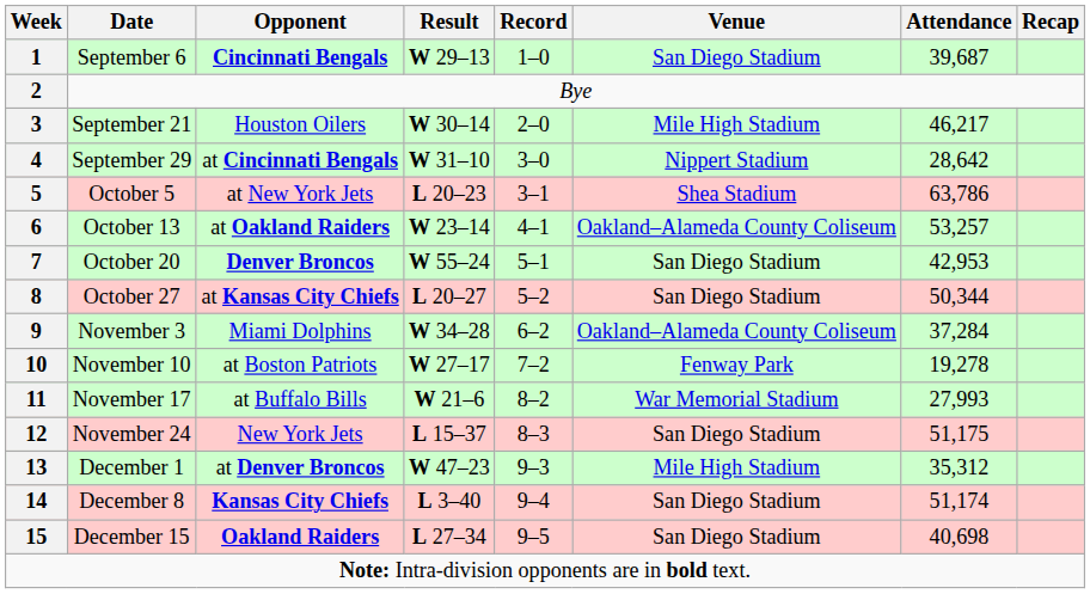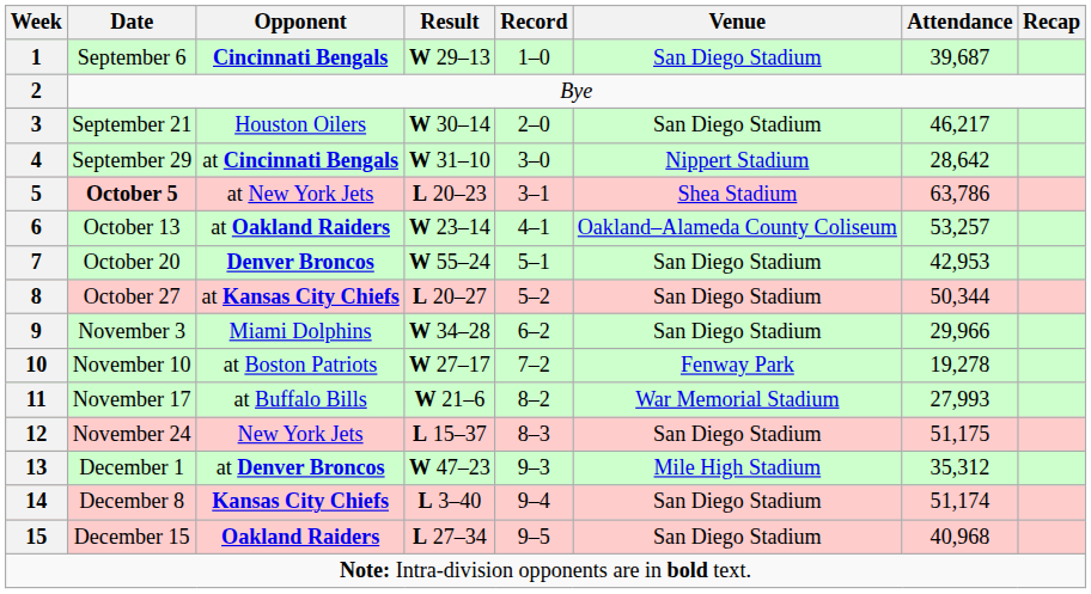 <table class="wikitable" style="text-align:center">
 <tr>
 <th>Week</th>
 <th>Date</th>
 <th>Opponent</th>
 <th>Result</th>
 <th>Record</th>
 <th>Venue</th>
 <th>Attendance</th>
 <th>Recap</th>
 </tr>
 <tr style="background: #cfc;">
 <th>1</th>
 <td>September 6</td>
 <td><strong><a href='#'>Cincinnati Bengals</a></strong></td>
 <td><strong>W</strong> 29–13</td>
 <td>1–0</td>
 <td><a href='#'>San Diego Stadium</a></td>
 <td>39,687</td>
 <td></td>
 </tr>
 <tr>
 <th>2</th>
 <td colspan="7" align="center"><em>Bye</em></td>
 </tr>
 <tr style="background: #cfc;">
 <th>3</th>
 <td>September 21</td>
 <td><a href='#'>Houston Oilers</a></td>
 <td><strong>W</strong> 30–14</td>
 <td>2–0</td>
-<td><a href='#'>Mile High Stadium</a></td>
+<td>San Diego Stadium</td>
 <td>46,217</td>
 <td></td>
 </tr>
 <tr style="background: #cfc;">
 <th>4</th>
 <td>September 29</td>
 <td>at <strong><a href='#'>Cincinnati Bengals</a></strong></td>
 <td><strong>W</strong> 31–10</td>
 <td>3–0</td>
 <td><a href='#'>Nippert Stadium</a></td>
 <td>28,642</td>
 <td></td>
 </tr>
 <tr style="background: #fcc;">
 <th>5</th>
-<td>October 5</td>
+<td><strong>October 5</strong></td>
 <td>at <a href='#'>New York Jets</a></td>
 <td><strong>L</strong> 20–23</td>
 <td>3–1</td>
 <td><a href='#'>Shea Stadium</a></td>
 <td>63,786</td>
 <td></td>
 </tr>
 <tr style="background: #cfc;">
 <th>6</th>
 <td>October 13</td>
 <td>at <strong><a href='#'>Oakland Raiders</a></strong></td>
 <td><strong>W</strong> 23–14</td>
 <td>4–1</td>
 <td><a href='#'>Oakland–Alameda County Coliseum</a></td>
 <td>53,257</td>
 <td></td>
 </tr>
 <tr style="background: #cfc;">
 <th>7</th>
 <td>October 20</td>
 <td><strong><a href='#'>Denver Broncos</a></strong></td>
 <td><strong>W</strong> 55–24</td>
 <td>5–1</td>
 <td>San Diego Stadium</td>
 <td>42,953</td>
 <td></td>
 </tr>
 <tr style="background: #fcc;">
 <th>8</th>
 <td>October 27</td>
 <td>at <strong><a href='#'>Kansas City Chiefs</a></strong></td>
 <td><strong>L</strong> 20–27</td>
 <td>5–2</td>
 <td>San Diego Stadium</td>
 <td>50,344</td>
 <td></td>
 </tr>
 <tr style="background: #cfc;">
 <th>9</th>
 <td>November 3</td>
 <td><a href='#'>Miami Dolphins</a></td>
 <td><strong>W</strong> 34–28</td>
 <td>6–2</td>
-<td><a href='#'>Oakland–Alameda County Coliseum</a></td>
-<td>37,284</td>
+<td>San Diego Stadium</td>
+<td>29,966</td>
 <td></td>
 </tr>
 <tr style="background: #cfc;">
 <th>10</th>
 <td>November 10</td>
 <td>at <a href='#'>Boston Patriots</a></td>
 <td><strong>W</strong> 27–17</td>
 <td>7–2</td>
 <td><a href='#'>Fenway Park</a></td>
 <td>19,278</td>
 <td></td>
 </tr>
 <tr style="background: #cfc;">
 <th>11</th>
 <td>November 17</td>
 <td>at <a href='#'>Buffalo Bills</a></td>
 <td><strong>W</strong> 21–6</td>
 <td>8–2</td>
 <td><a href='#'>War Memorial Stadium</a></td>
 <td>27,993</td>
 <td></td>
 </tr>
 <tr style="background: #fcc;">
 <th>12</th>
 <td>November 24</td>
 <td><a href='#'>New York Jets</a></td>
 <td><strong>L</strong> 15–37</td>
 <td>8–3</td>
 <td>San Diego Stadium</td>
 <td>51,175</td>
 <td></td>
 </tr>
 <tr style="background: #cfc;">
 <th>13</th>
 <td>December 1</td>
 <td>at <strong><a href='#'>Denver Broncos</a></strong></td>
 <td><strong>W</strong> 47–23</td>
 <td>9–3</td>
 <td><a href='#'>Mile High Stadium</a></td>
 <td>35,312</td>
 <td></td>
 </tr>
 <tr style="background: #fcc;">
 <th>14</th>
 <td>December 8</td>
 <td><strong><a href='#'>Kansas City Chiefs</a></strong></td>
 <td><strong>L</strong> 3–40</td>
 <td>9–4</td>
 <td>San Diego Stadium</td>
 <td>51,174</td>
 <td></td>
 </tr>
 <tr style="background: #fcc;">
 <th>15</th>
 <td>December 15</td>
 <td><strong><a href='#'>Oakland Raiders</a></strong></td>
 <td><strong>L</strong> 27–34</td>
 <td>9–5</td>
 <td>San Diego Stadium</td>
-<td>40,698</td>
+<td>40,968</td>
 <td></td>
 </tr>
 <tr>
 <td colspan="8"><strong>Note:</strong> Intra-division opponents are in <strong>bold</strong> text.</td>
 </tr>
 </table>
